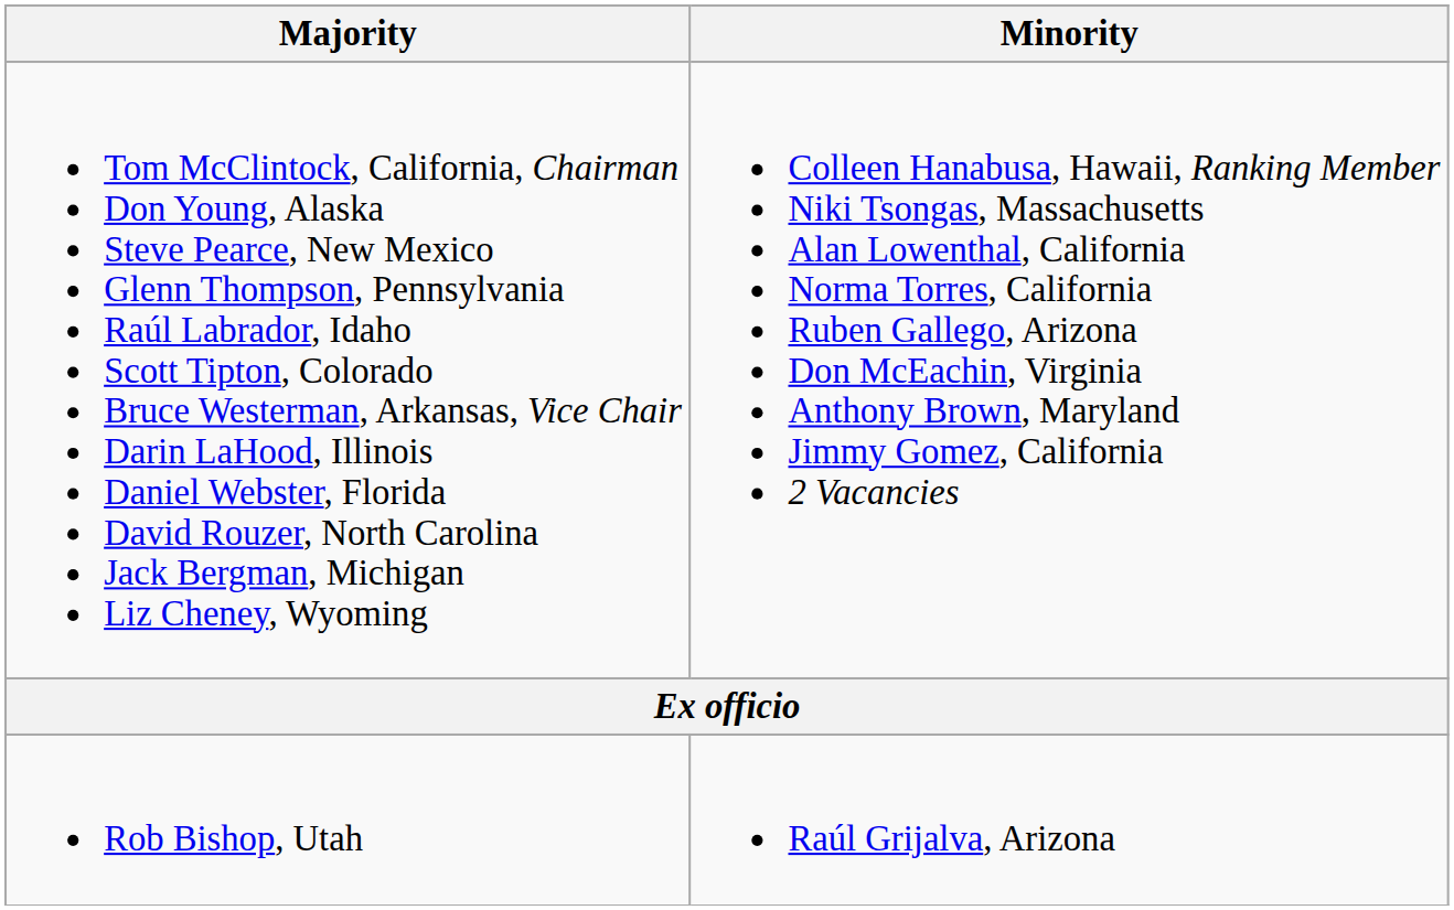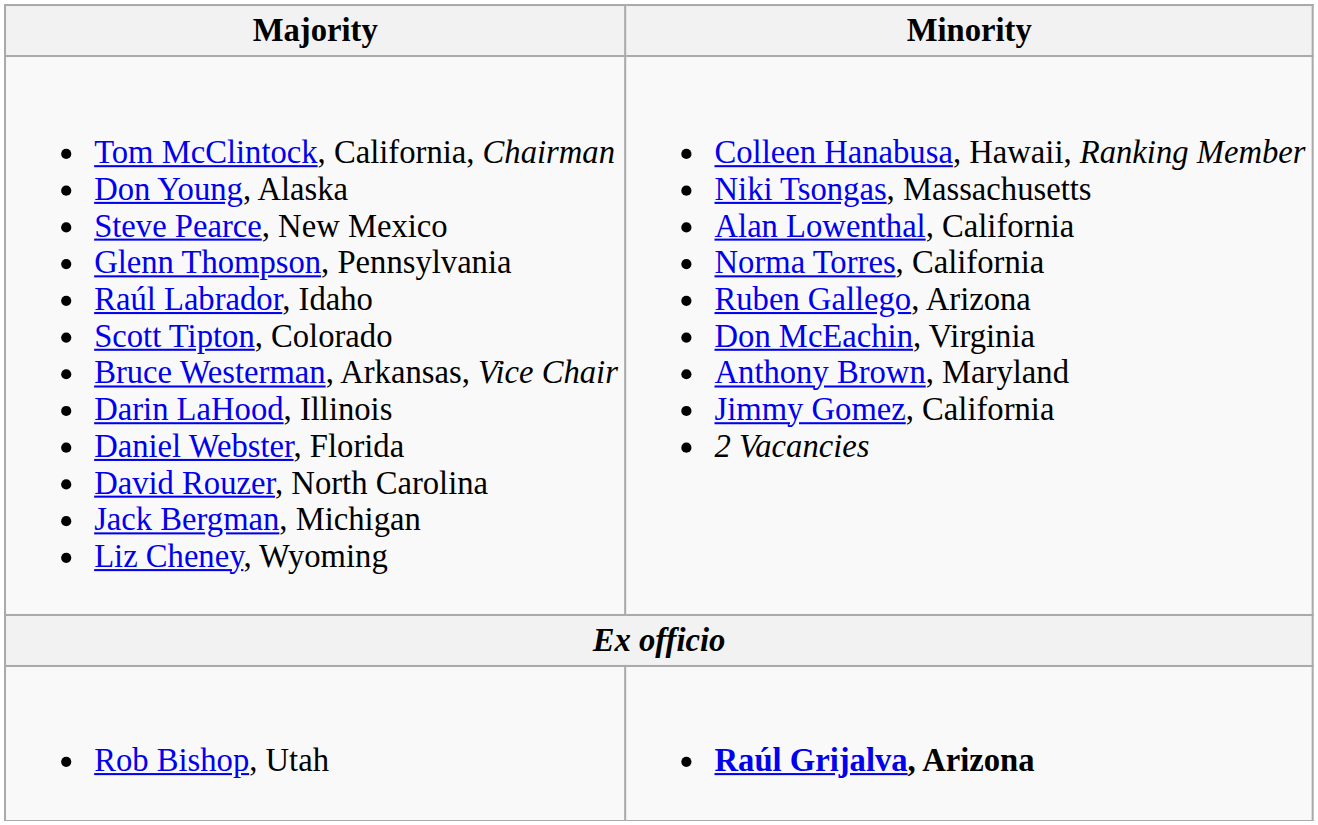 <table class=wikitable>
 <tr>
 <th>Majority</th>
 <th>Minority</th>
 </tr>
 <tr valign=top>
 <td><br><ul><li><a href='#'>Tom McClintock</a>, California, <em>Chairman</em></li><li><a href='#'>Don Young</a>, Alaska</li><li><a href='#'>Steve Pearce</a>, New Mexico</li><li><a href='#'>Glenn Thompson</a>, Pennsylvania</li><li><a href='#'>Raúl Labrador</a>, Idaho</li><li><a href='#'>Scott Tipton</a>, Colorado</li><li><a href='#'>Bruce Westerman</a>, Arkansas, <em>Vice Chair</em></li><li><a href='#'>Darin LaHood</a>, Illinois</li><li><a href='#'>Daniel Webster</a>, Florida</li><li><a href='#'>David Rouzer</a>, North Carolina</li><li><a href='#'>Jack Bergman</a>, Michigan</li><li><a href='#'>Liz Cheney</a>, Wyoming</li></ul></td>
 <td><br><ul><li><a href='#'>Colleen Hanabusa</a>, Hawaii, <em>Ranking Member</em></li><li><a href='#'>Niki Tsongas</a>, Massachusetts</li><li><a href='#'>Alan Lowenthal</a>, California</li><li><a href='#'>Norma Torres</a>, California</li><li><a href='#'>Ruben Gallego</a>, Arizona</li><li><a href='#'>Don McEachin</a>, Virginia</li><li><a href='#'>Anthony Brown</a>, Maryland</li><li><a href='#'>Jimmy Gomez</a>, California</li><li><em>2 Vacancies</em></li></ul></td>
 </tr>
 <tr>
 <th colspan=2><em>Ex officio</em></th>
 </tr>
 <tr>
 <td><br><ul><li><a href='#'>Rob Bishop</a>, Utah</li></ul></td>
-<td><br><ul><li><a href='#'>Raúl Grijalva</a>, Arizona</li></ul></td>
+<td><strong><br><ul><li><a href='#'>Raúl Grijalva</a>, Arizona</li></ul></strong></td>
 </tr>
 </table>
